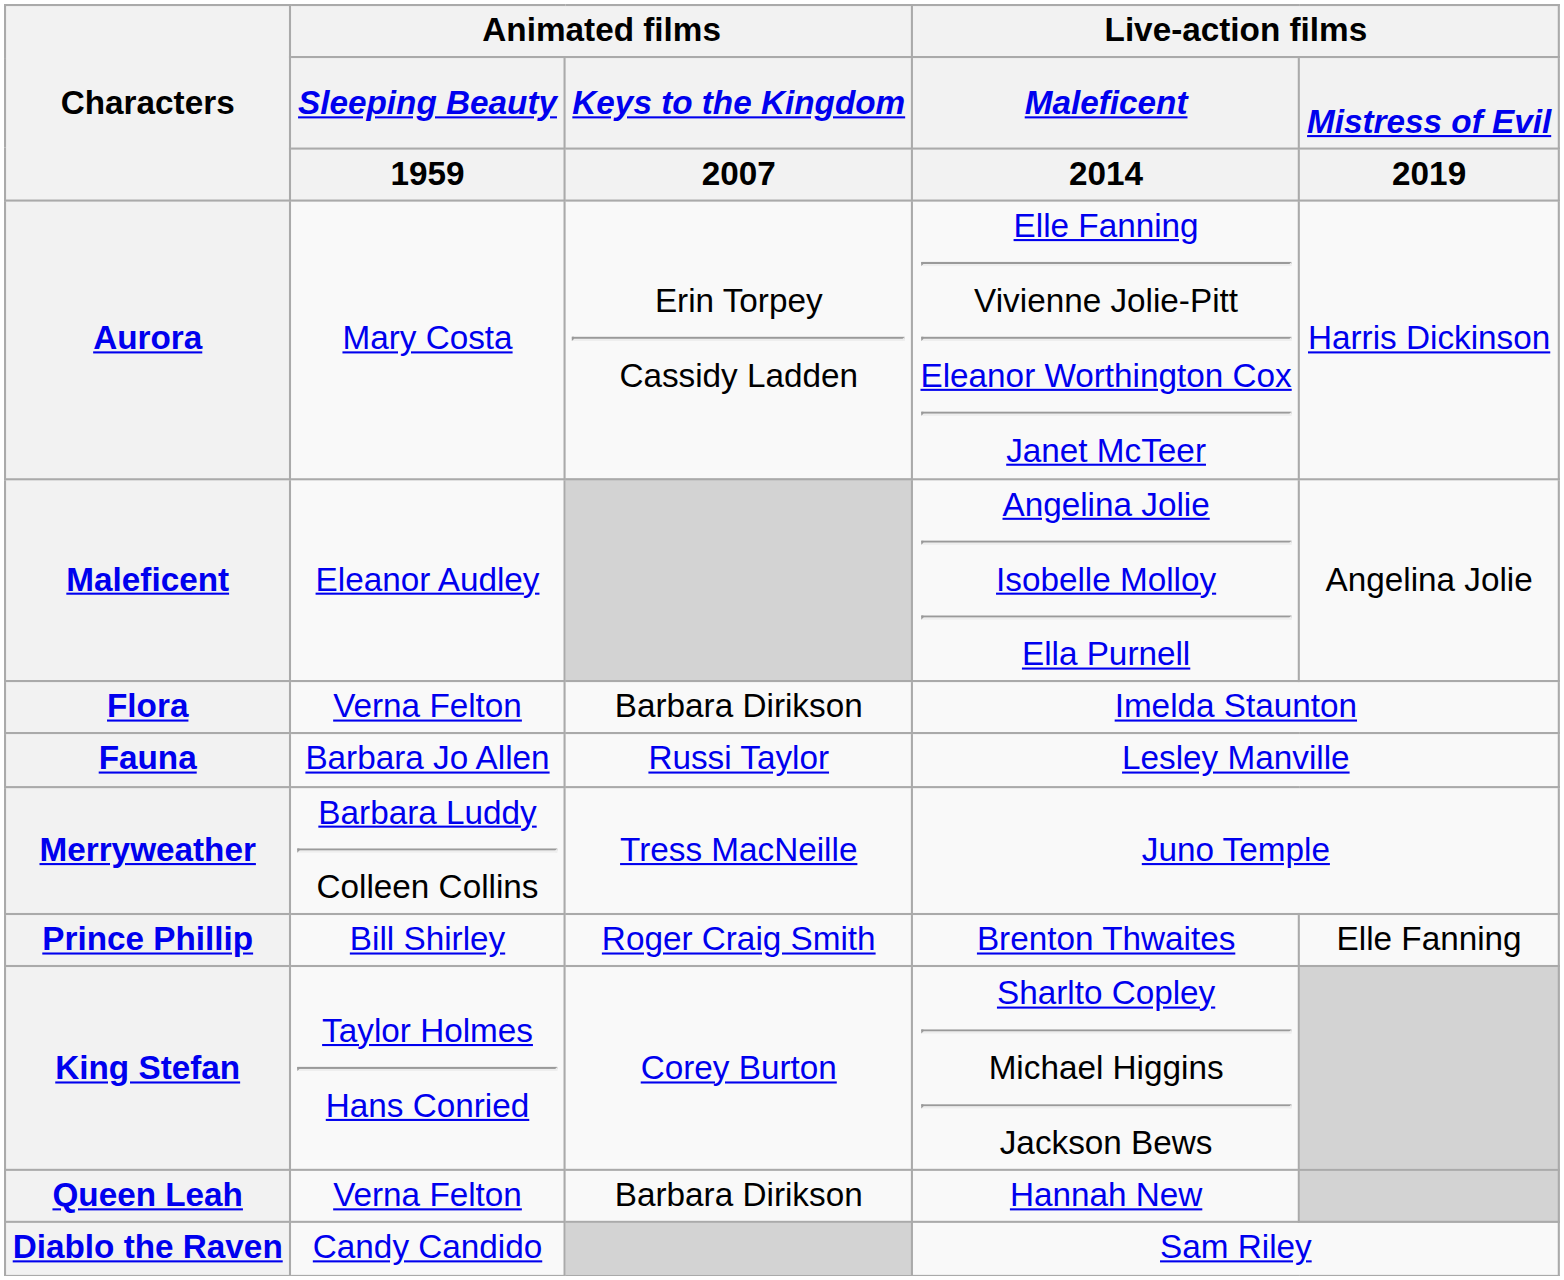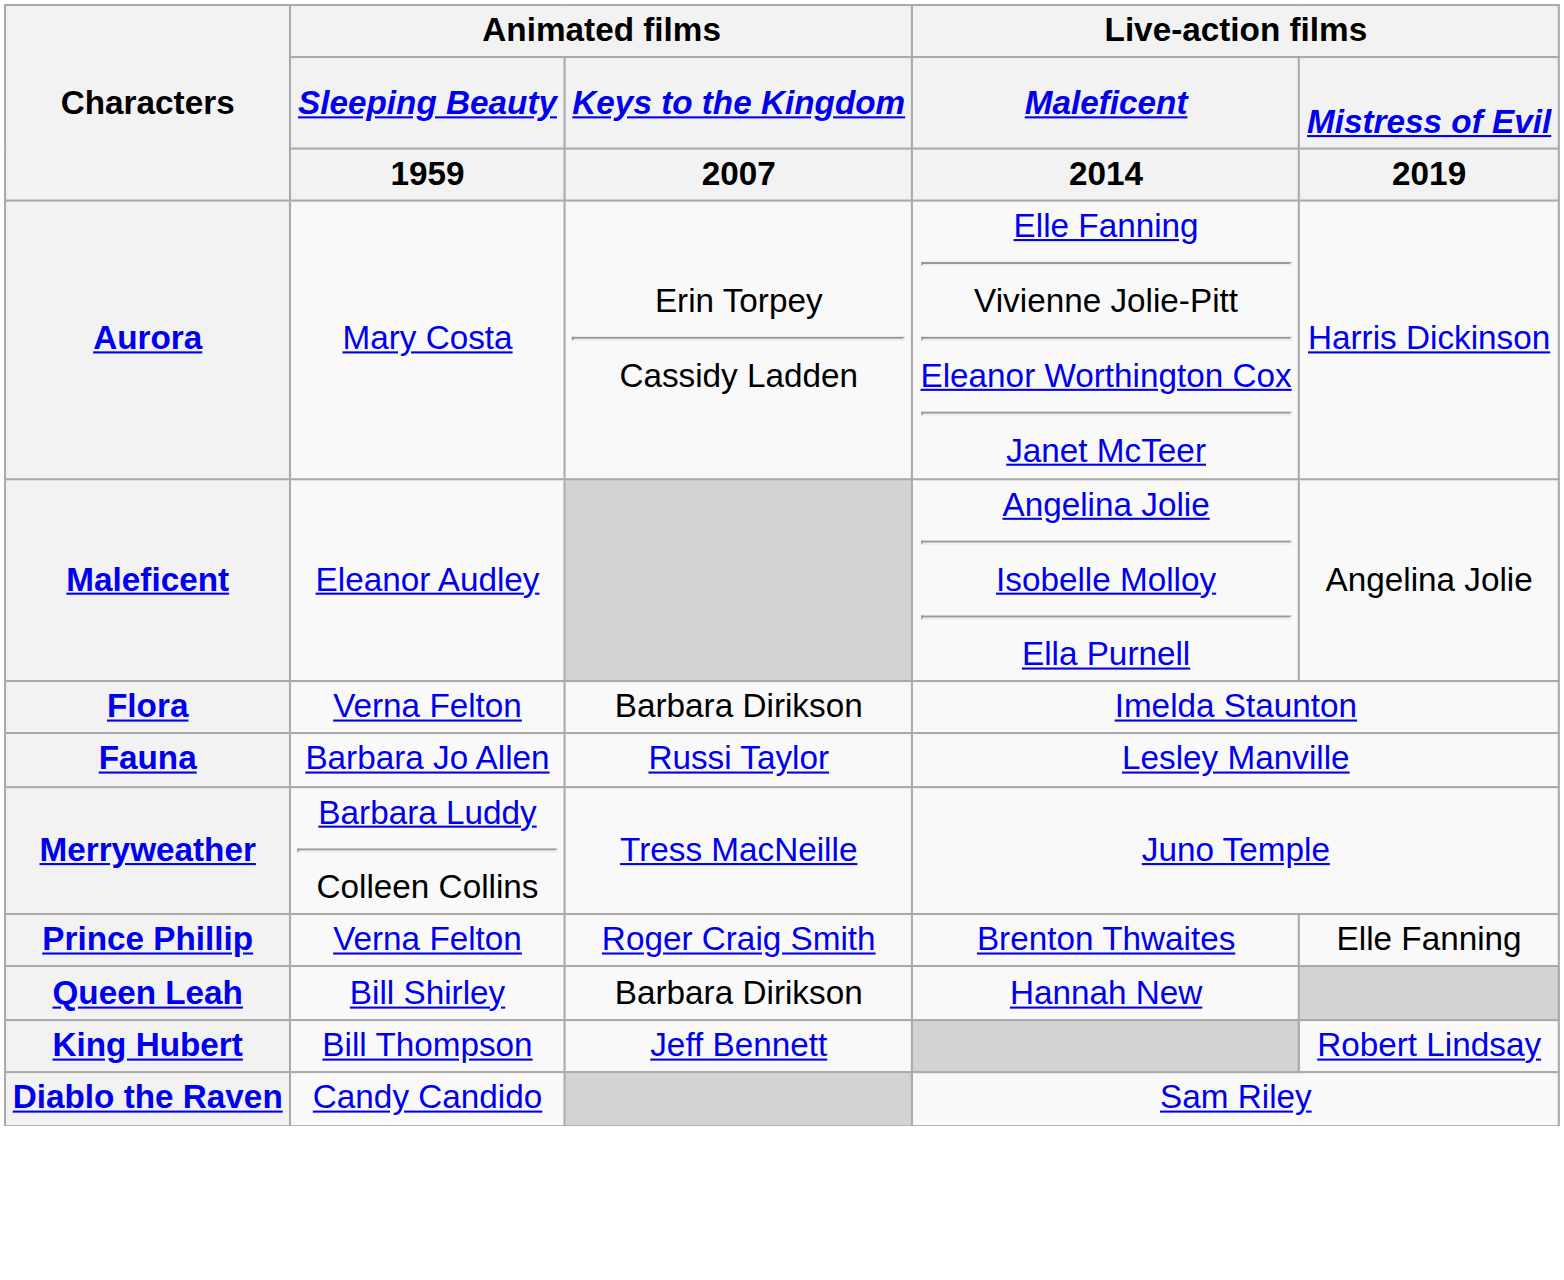 <table class="wikitable plainrowheaders" style="text-align:center;">
 <tr>
 <th scope="col" rowspan="3">Characters</th>
 <th scope="colgroup" colspan="2"  style="text-align:center;">Animated films</th>
 <th scope="colgroup" colspan="2" style="text-align:center;">Live-action films</th>
 </tr>
 <tr>
 <th scope="col"><em><a href='#'>Sleeping Beauty</a></em></th>
 <th scope="col"><em><a href='#'>Keys to the Kingdom</a></em></th>
 <th scope="col"><em><a href='#'>Maleficent</a></em></th>
 <th scope="col"><em><a href='#'><br>Mistress of Evil</a></em></th>
 </tr>
 <tr>
 <th scope="col">1959</th>
 <th scope="col">2007</th>
 <th scope="col">2014</th>
 <th scope="col">2019</th>
 </tr>
 <tr>
 <th scope="row"><a href='#'>Aurora</a></th>
 <td><a href='#'>Mary Costa</a></td>
 <td>Erin Torpey<hr>Cassidy Ladden</td>
 <td><a href='#'>Elle Fanning</a><hr>Vivienne Jolie-Pitt<hr><a href='#'>Eleanor Worthington Cox</a><hr><a href='#'>Janet McTeer</a></td>
 <td><a href='#'>Harris Dickinson</a></td>
 </tr>
 <tr>
 <th scope="row"><a href='#'>Maleficent</a></th>
 <td><a href='#'>Eleanor Audley</a></td>
 <td style="background-color:#D3D3D3;"></td>
 <td><a href='#'>Angelina Jolie</a><hr><a href='#'>Isobelle Molloy</a><hr><a href='#'>Ella Purnell</a></td>
 <td>Angelina Jolie</td>
 </tr>
 <tr>
 <th scope="row"><a href='#'>Flora</a><br></th>
 <td><a href='#'>Verna Felton</a></td>
 <td>Barbara Dirikson</td>
 <td colspan="2"><a href='#'>Imelda Staunton</a></td>
 </tr>
 <tr>
 <th scope="row"><a href='#'>Fauna</a><br></th>
 <td><a href='#'>Barbara Jo Allen</a></td>
 <td><a href='#'>Russi Taylor</a></td>
 <td colspan="2"><a href='#'>Lesley Manville</a></td>
 </tr>
 <tr>
 <th scope="row"><a href='#'>Merryweather</a><br></th>
 <td><a href='#'>Barbara Luddy</a><hr>Colleen Collins</td>
 <td><a href='#'>Tress MacNeille</a></td>
 <td colspan="2"><a href='#'>Juno Temple</a></td>
 </tr>
 <tr>
 <th scope="row"><a href='#'>Prince Phillip</a></th>
-<td><a href='#'>Bill Shirley</a></td>
+<td><a href='#'>Verna Felton</a></td>
 <td><a href='#'>Roger Craig Smith</a></td>
 <td><a href='#'>Brenton Thwaites</a></td>
 <td>Elle Fanning</td>
 </tr>
 <tr>
-<th scope="row"><a href='#'>King Stefan</a></th>
-<td><a href='#'>Taylor Holmes</a><hr><a href='#'>Hans Conried</a></td>
-<td><a href='#'>Corey Burton</a></td>
-<td><a href='#'>Sharlto Copley</a><hr>Michael Higgins<hr>Jackson Bews</td>
+<th scope="row"><a href='#'>Queen Leah</a><br></th>
+<td><a href='#'>Bill Shirley</a></td>
+<td>Barbara Dirikson</td>
+<td><a href='#'>Hannah New</a></td>
 <td style="background-color:#D3D3D3;"></td>
 </tr>
 <tr>
-<th scope="row"><a href='#'>Queen Leah</a><br></th>
-<td><a href='#'>Verna Felton</a></td>
-<td>Barbara Dirikson</td>
-<td><a href='#'>Hannah New</a></td>
+<th scope="row"><a href='#'>King Hubert</a><br></th>
+<td><a href='#'>Bill Thompson</a></td>
+<td><a href='#'>Jeff Bennett</a></td>
 <td style="background-color:#D3D3D3;"></td>
+<td><a href='#'>Robert Lindsay</a></td>
 </tr>
 <tr>
 <th scope="row"><a href='#'>Diablo the Raven</a><br></th>
 <td><a href='#'>Candy Candido</a></td>
 <td style="background-color:#D3D3D3;"></td>
 <td colspan="2"><a href='#'>Sam Riley</a></td>
 </tr>
 </table>
